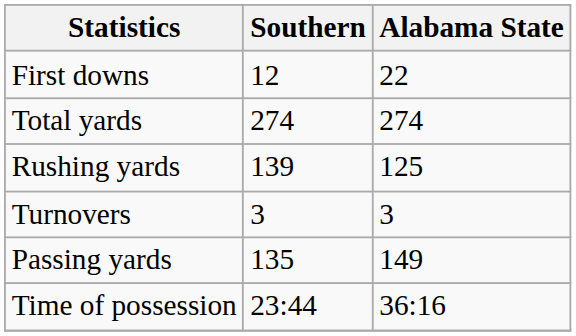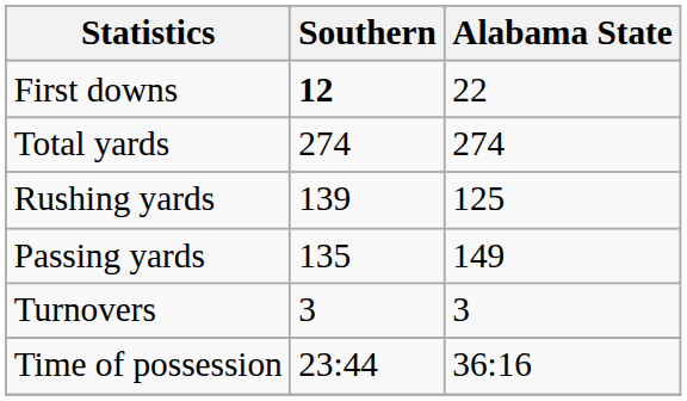 <table class="wikitable">
 <tr>
 <th>Statistics</th>
 <th>Southern</th>
 <th>Alabama State</th>
 </tr>
 <tr>
 <td>First downs</td>
-<td>12</td>
+<td><strong>12</strong></td>
 <td>22</td>
 </tr>
 <tr>
 <td>Total yards</td>
 <td>274</td>
 <td>274</td>
 </tr>
 <tr>
 <td>Rushing yards</td>
 <td>139</td>
 <td>125</td>
 </tr>
 <tr>
+<td>Passing yards</td>
+<td>135</td>
+<td>149</td>
+</tr>
+<tr>
 <td>Turnovers</td>
 <td>3</td>
 <td>3</td>
-</tr>
-<tr>
-<td>Passing yards</td>
-<td>135</td>
-<td>149</td>
 </tr>
 <tr>
 <td>Time of possession</td>
 <td>23:44</td>
 <td>36:16</td>
 </tr>
 <tr>
 </tr>
 </table>
